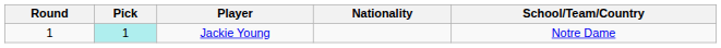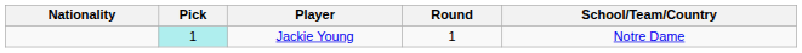 <table class="wikitable" style="text-align:center; width:60em">
 <tr>
-<th>Round</th>
+<th>Nationality</th>
 <th>Pick</th>
 <th>Player</th>
-<th>Nationality</th>
+<th>Round</th>
 <th>School/Team/Country</th>
 </tr>
 <tr>
-<td>1</td>
+<td></td>
 <td style="background: paleturquoise;">1</td>
 <td><a href='#'>Jackie Young</a></td>
-<td></td>
+<td>1</td>
 <td><a href='#'>Notre Dame</a></td>
 </tr>
 </table>
